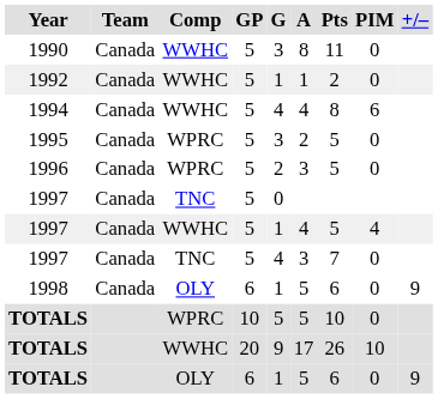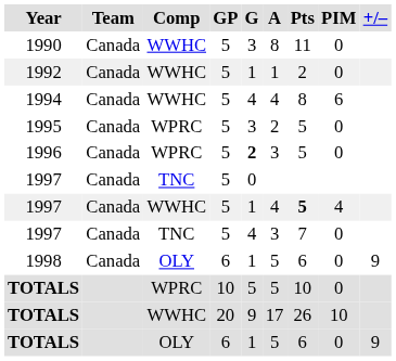 <table BORDER="0" CELLPADDING="3" CELLSPACING="0">
 <tr ALIGN="center" bgcolor="#e0e0e0">
 <th>Year</th>
 <th>Team</th>
 <th>Comp</th>
 <th>GP</th>
 <th>G</th>
 <th>A</th>
 <th>Pts</th>
 <th>PIM</th>
 <th><a href='#'>+/–</a></th>
 </tr>
 <tr ALIGN="center">
 <td>1990</td>
 <td>Canada</td>
 <td><a href='#'>WWHC</a></td>
 <td>5</td>
 <td>3</td>
 <td>8</td>
 <td>11</td>
 <td>0</td>
 <td></td>
 </tr>
 <tr ALIGN="center"  bgcolor="#f0f0f0">
 <td>1992</td>
 <td>Canada</td>
 <td>WWHC</td>
 <td>5</td>
 <td>1</td>
 <td>1</td>
 <td>2</td>
 <td>0</td>
 <td></td>
 </tr>
 <tr ALIGN="center">
 <td>1994</td>
 <td>Canada</td>
 <td>WWHC</td>
 <td>5</td>
 <td>4</td>
 <td>4</td>
 <td>8</td>
 <td>6</td>
 <td></td>
 </tr>
 <tr ALIGN="center">
 <td>1995</td>
 <td>Canada</td>
 <td>WPRC</td>
 <td>5</td>
 <td>3</td>
 <td>2</td>
 <td>5</td>
 <td>0</td>
 <td></td>
 </tr>
 <tr ALIGN="center">
 <td>1996</td>
 <td>Canada</td>
 <td>WPRC</td>
 <td>5</td>
-<td>2</td>
+<td><strong>2</strong></td>
 <td>3</td>
 <td>5</td>
 <td>0</td>
 <td></td>
 </tr>
 <tr ALIGN="center">
 <td>1997</td>
 <td>Canada</td>
 <td><a href='#'>TNC</a></td>
 <td>5</td>
 <td>0</td>
 <td></td>
 <td></td>
 <td></td>
 </tr>
 <tr ALIGN="center" bgcolor="#f0f0f0">
 <td>1997</td>
 <td>Canada</td>
 <td>WWHC</td>
 <td>5</td>
 <td>1</td>
 <td>4</td>
-<td>5</td>
+<td><strong>5</strong></td>
 <td>4</td>
 <td></td>
 </tr>
 <tr ALIGN="center">
 <td>1997</td>
 <td>Canada</td>
 <td>TNC</td>
 <td>5</td>
 <td>4</td>
 <td>3</td>
 <td>7</td>
 <td>0</td>
 <td></td>
 </tr>
 <tr ALIGN="center">
 <td>1998</td>
 <td>Canada</td>
 <td><a href='#'>OLY</a></td>
 <td>6</td>
 <td>1</td>
 <td>5</td>
 <td>6</td>
 <td>0</td>
 <td>9</td>
 </tr>
 <tr ALIGN="center"  bgcolor="#e0e0e0">
 <td><strong>TOTALS</strong></td>
 <td></td>
 <td>WPRC</td>
 <td>10</td>
 <td>5</td>
 <td>5</td>
 <td>10</td>
 <td>0</td>
 <td></td>
 </tr>
 <tr ALIGN="center"  bgcolor="#e0e0e0">
 <td><strong>TOTALS</strong></td>
 <td></td>
 <td>WWHC</td>
 <td>20</td>
 <td>9</td>
 <td>17</td>
 <td>26</td>
 <td>10</td>
 <td></td>
 </tr>
 <tr ALIGN="center"  bgcolor="#e0e0e0">
 <td><strong>TOTALS</strong></td>
 <td></td>
 <td>OLY</td>
 <td>6</td>
 <td>1</td>
 <td>5</td>
 <td>6</td>
 <td>0</td>
 <td>9</td>
 </tr>
 </table>
